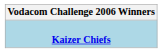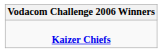 <table class="wikitable" style="text-align: center; margin: 0 auto;">
 <tr>
 <th>Vodacom Challenge 2006 Winners</th>
 </tr>
 <tr>
-<td style="background: lightblue;"><br><strong><a href='#'>Kaizer Chiefs</a></strong></td>
+<td><br><strong><a href='#'>Kaizer Chiefs</a></strong></td>
 </tr>
 </table>
